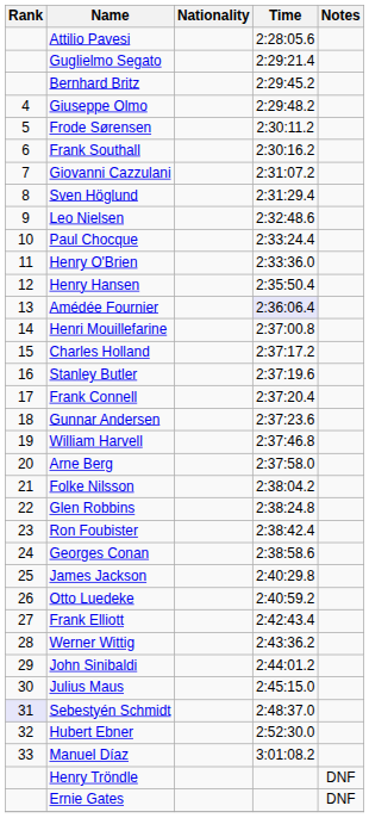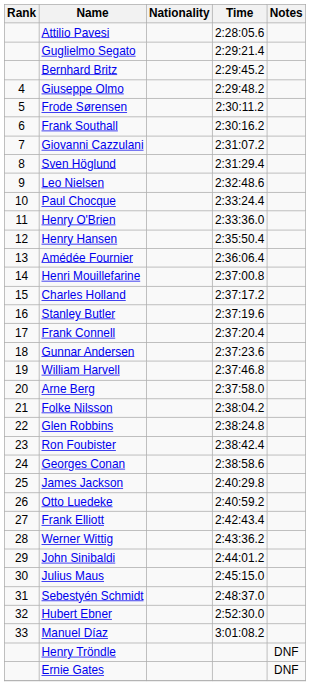 <table class="wikitable sortable" style="text-align:center">
 <tr>
 <th>Rank</th>
 <th>Name</th>
 <th>Nationality</th>
 <th>Time</th>
 <th>Notes</th>
 </tr>
 <tr>
 <td></td>
 <td align=left><a href='#'>Attilio Pavesi</a></td>
 <td align=left></td>
 <td>2:28:05.6</td>
 <td></td>
 </tr>
 <tr>
 <td></td>
 <td align=left><a href='#'>Guglielmo Segato</a></td>
 <td align=left></td>
 <td>2:29:21.4</td>
 <td></td>
 </tr>
 <tr>
 <td></td>
 <td align=left><a href='#'>Bernhard Britz</a></td>
 <td align=left></td>
 <td>2:29:45.2</td>
 <td></td>
 </tr>
 <tr>
 <td>4</td>
 <td align=left><a href='#'>Giuseppe Olmo</a></td>
 <td align=left></td>
 <td>2:29:48.2</td>
 <td></td>
 </tr>
 <tr>
 <td>5</td>
 <td align=left><a href='#'>Frode Sørensen</a></td>
 <td align=left></td>
 <td>2:30:11.2</td>
 <td></td>
 </tr>
 <tr>
 <td>6</td>
 <td align=left><a href='#'>Frank Southall</a></td>
 <td align=left></td>
 <td>2:30:16.2</td>
 <td></td>
 </tr>
 <tr>
 <td>7</td>
 <td align=left><a href='#'>Giovanni Cazzulani</a></td>
 <td align=left></td>
 <td>2:31:07.2</td>
 <td></td>
 </tr>
 <tr>
 <td>8</td>
 <td align=left><a href='#'>Sven Höglund</a></td>
 <td align=left></td>
 <td>2:31:29.4</td>
 <td></td>
 </tr>
 <tr>
 <td>9</td>
 <td align=left><a href='#'>Leo Nielsen</a></td>
 <td align=left></td>
 <td>2:32:48.6</td>
 <td></td>
 </tr>
 <tr>
 <td>10</td>
 <td align=left><a href='#'>Paul Chocque</a></td>
 <td align=left></td>
 <td>2:33:24.4</td>
 <td></td>
 </tr>
 <tr>
 <td>11</td>
 <td align=left><a href='#'>Henry O'Brien</a></td>
 <td align=left></td>
 <td>2:33:36.0</td>
 <td></td>
 </tr>
 <tr>
 <td>12</td>
 <td align=left><a href='#'>Henry Hansen</a></td>
 <td align=left></td>
 <td>2:35:50.4</td>
 <td></td>
 </tr>
 <tr>
 <td>13</td>
 <td align=left><a href='#'>Amédée Fournier</a></td>
 <td align=left></td>
-<td style="background: lavender;">2:36:06.4</td>
+<td>2:36:06.4</td>
 <td></td>
 </tr>
 <tr>
 <td>14</td>
 <td align=left><a href='#'>Henri Mouillefarine</a></td>
 <td align=left></td>
 <td>2:37:00.8</td>
 <td></td>
 </tr>
 <tr>
 <td>15</td>
 <td align=left><a href='#'>Charles Holland</a></td>
 <td align=left></td>
 <td>2:37:17.2</td>
 <td></td>
 </tr>
 <tr>
 <td>16</td>
 <td align=left><a href='#'>Stanley Butler</a></td>
 <td align=left></td>
 <td>2:37:19.6</td>
 <td></td>
 </tr>
 <tr>
 <td>17</td>
 <td align=left><a href='#'>Frank Connell</a></td>
 <td align=left></td>
 <td>2:37:20.4</td>
 <td></td>
 </tr>
 <tr>
 <td>18</td>
 <td align=left><a href='#'>Gunnar Andersen</a></td>
 <td align=left></td>
 <td>2:37:23.6</td>
 <td></td>
 </tr>
 <tr>
 <td>19</td>
 <td align=left><a href='#'>William Harvell</a></td>
 <td align=left></td>
 <td>2:37:46.8</td>
 <td></td>
 </tr>
 <tr>
 <td>20</td>
 <td align=left><a href='#'>Arne Berg</a></td>
 <td align=left></td>
 <td>2:37:58.0</td>
 <td></td>
 </tr>
 <tr>
 <td>21</td>
 <td align=left><a href='#'>Folke Nilsson</a></td>
 <td align=left></td>
 <td>2:38:04.2</td>
 <td></td>
 </tr>
 <tr>
 <td>22</td>
 <td align=left><a href='#'>Glen Robbins</a></td>
 <td align=left></td>
 <td>2:38:24.8</td>
 <td></td>
 </tr>
 <tr>
 <td>23</td>
 <td align=left><a href='#'>Ron Foubister</a></td>
 <td align=left></td>
 <td>2:38:42.4</td>
 <td></td>
 </tr>
 <tr>
 <td>24</td>
 <td align=left><a href='#'>Georges Conan</a></td>
 <td align=left></td>
 <td>2:38:58.6</td>
 <td></td>
 </tr>
 <tr>
 <td>25</td>
 <td align=left><a href='#'>James Jackson</a></td>
 <td align=left></td>
 <td>2:40:29.8</td>
 <td></td>
 </tr>
 <tr>
 <td>26</td>
 <td align=left><a href='#'>Otto Luedeke</a></td>
 <td align=left></td>
 <td>2:40:59.2</td>
 <td></td>
 </tr>
 <tr>
 <td>27</td>
 <td align=left><a href='#'>Frank Elliott</a></td>
 <td align=left></td>
 <td>2:42:43.4</td>
 <td></td>
 </tr>
 <tr>
 <td>28</td>
 <td align=left><a href='#'>Werner Wittig</a></td>
 <td align=left></td>
 <td>2:43:36.2</td>
 <td></td>
 </tr>
 <tr>
 <td>29</td>
 <td align=left><a href='#'>John Sinibaldi</a></td>
 <td align=left></td>
 <td>2:44:01.2</td>
 <td></td>
 </tr>
 <tr>
 <td>30</td>
 <td align=left><a href='#'>Julius Maus</a></td>
 <td align=left></td>
 <td>2:45:15.0</td>
 <td></td>
 </tr>
 <tr>
-<td style="background: lavender;">31</td>
+<td>31</td>
 <td align=left><a href='#'>Sebestyén Schmidt</a></td>
 <td align=left></td>
 <td>2:48:37.0</td>
 <td></td>
 </tr>
 <tr>
 <td>32</td>
 <td align=left><a href='#'>Hubert Ebner</a></td>
 <td align=left></td>
 <td>2:52:30.0</td>
 <td></td>
 </tr>
 <tr>
 <td>33</td>
 <td align=left><a href='#'>Manuel Díaz</a></td>
 <td align=left></td>
 <td>3:01:08.2</td>
 <td></td>
 </tr>
 <tr>
 <td></td>
 <td align=left><a href='#'>Henry Tröndle</a></td>
 <td align=left></td>
 <td></td>
 <td>DNF</td>
 </tr>
 <tr>
 <td></td>
 <td align=left><a href='#'>Ernie Gates</a></td>
 <td align=left></td>
 <td></td>
 <td>DNF</td>
 </tr>
 <tr>
 </tr>
 </table>
